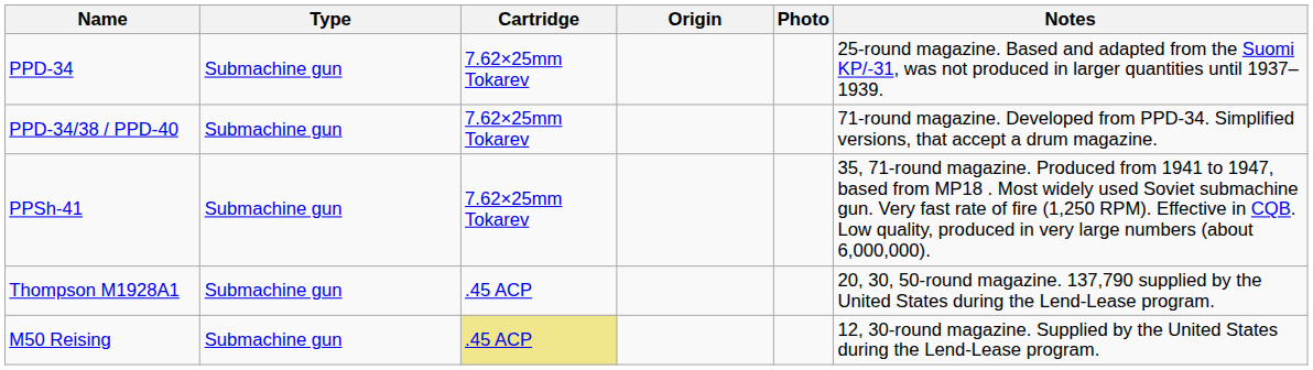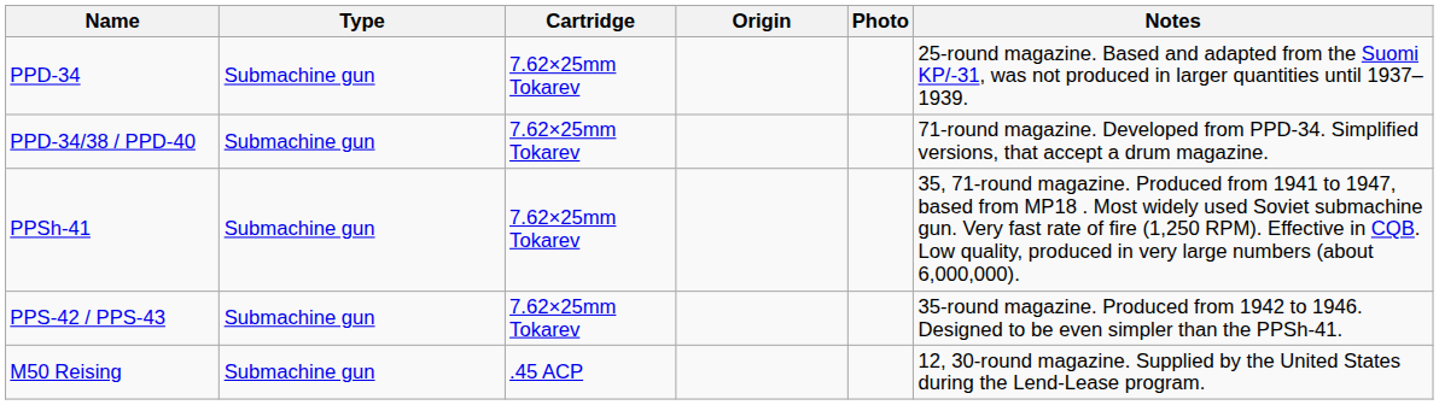 <table class="wikitable" style="width:90%;">
 <tr>
 <th style="width:15%;">Name</th>
 <th style="width:20%;">Type</th>
 <th style="width:12%;">Cartridge</th>
 <th style="width:12%;">Origin</th>
 <th>Photo</th>
 <th>Notes</th>
 </tr>
 <tr>
 <td><a href='#'>PPD-34</a></td>
 <td><a href='#'>Submachine gun</a></td>
 <td><a href='#'>7.62×25mm Tokarev</a></td>
 <td></td>
 <td></td>
 <td>25-round magazine. Based and adapted from the <a href='#'>Suomi KP/-31</a>, was not produced in larger quantities until 1937–1939.</td>
 </tr>
 <tr>
 <td><a href='#'>PPD-34/38 / PPD-40</a></td>
 <td><a href='#'>Submachine gun</a></td>
 <td><a href='#'>7.62×25mm Tokarev</a></td>
 <td></td>
 <td></td>
 <td>71-round magazine. Developed from PPD-34. Simplified versions, that accept a drum magazine.</td>
 </tr>
 <tr>
 <td><a href='#'>PPSh-41</a></td>
 <td><a href='#'>Submachine gun</a></td>
 <td><a href='#'>7.62×25mm Tokarev</a></td>
 <td></td>
 <td></td>
 <td>35, 71-round magazine. Produced from 1941 to 1947,<br>based from MP18 . Most widely used Soviet submachine gun. Very fast rate of fire (1,250 RPM). Effective in <a href='#'>CQB</a>. Low quality, produced in very large numbers (about 6,000,000).</td>
 </tr>
 <tr>
-<td><a href='#'>Thompson M1928A1</a></td>
+<td><a href='#'>PPS-42 / PPS-43</a></td>
 <td><a href='#'>Submachine gun</a></td>
-<td><a href='#'>.45 ACP</a></td>
+<td><a href='#'>7.62×25mm Tokarev</a></td>
 <td></td>
 <td></td>
-<td>20, 30, 50-round magazine. 137,790 supplied by the United States during the Lend-Lease program.</td>
+<td>35-round magazine. Produced from 1942 to 1946. Designed to be even simpler than the PPSh-41.</td>
 </tr>
 <tr>
 <td><a href='#'>M50 Reising</a></td>
 <td><a href='#'>Submachine gun</a></td>
-<td style="background: khaki;"><a href='#'>.45 ACP</a></td>
+<td><a href='#'>.45 ACP</a></td>
 <td></td>
 <td></td>
 <td>12, 30-round magazine. Supplied by the United States during the Lend-Lease program.</td>
 </tr>
 </table>
